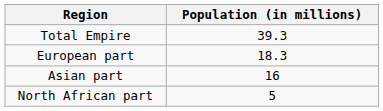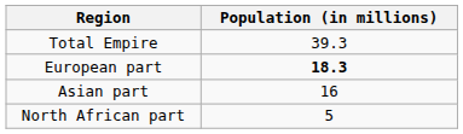 <table class="wikitable" style="margin:1em auto; text-align:center; width:30em">
 <tr>
 <th>Region</th>
 <th>Population (in millions)</th>
 </tr>
 <tr>
 <td>Total Empire</td>
 <td>39.3</td>
 </tr>
 <tr>
 <td>European part</td>
-<td>18.3</td>
+<td><strong>18.3</strong></td>
 </tr>
 <tr>
 <td>Asian part</td>
 <td>16</td>
 </tr>
 <tr>
 <td>North African part</td>
 <td>5</td>
 </tr>
 </table>
